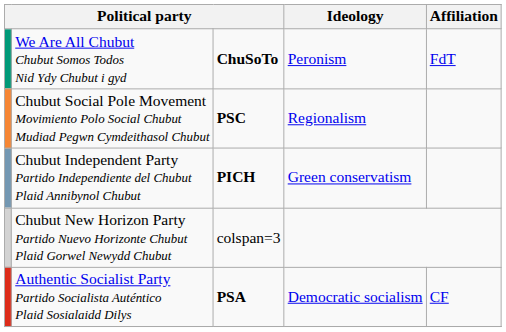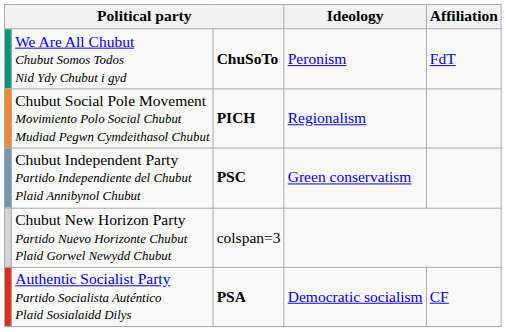 <table class="wikitable">
 <tr>
 <th colspan=3>Political party</th>
 <th>Ideology</th>
 <th>Affiliation</th>
 </tr>
 <tr>
 <th style="background:#009978;"></th>
 <td><a href='#'>We Are All Chubut</a><br><small><em>Chubut Somos Todos</em></small><br><small><em>Nid Ydy Chubut i gyd</em></small></td>
 <td><strong>ChuSoTo</strong></td>
 <td><a href='#'>Peronism</a></td>
 <td><a href='#'>FdT</a></td>
 </tr>
 <tr>
 <th style="background:#f68634;"></th>
 <td>Chubut Social Pole Movement<br><small><em>Movimiento Polo Social Chubut</em></small><br><small><em>Mudiad Pegwn Cymdeithasol Chubut</em></small></td>
-<td><strong>PSC</strong></td>
+<td><strong>PICH</strong></td>
 <td><a href='#'>Regionalism</a></td>
 <td></td>
 </tr>
 <tr>
 <th style="background:#7397b2;"></th>
 <td>Chubut Independent Party<br><small><em>Partido Independiente del Chubut</em></small><br><small><em>Plaid Annibynol Chubut</em></small></td>
-<td><strong>PICH</strong></td>
+<td><strong>PSC</strong></td>
 <td><a href='#'>Green conservatism</a></td>
 <td></td>
 </tr>
 <tr>
 <th style="background:#D3D3D3;"></th>
 <td>Chubut New Horizon Party<br><small><em>Partido Nuevo Horizonte Chubut</em></small><br><small><em>Plaid Gorwel Newydd Chubut</em></small></td>
 <td>colspan=3 </td>
 </tr>
 <tr>
 <th style="background:#DD2C1A;"></th>
 <td><a href='#'>Authentic Socialist Party</a><br><small><em>Partido Socialista Auténtico</em></small><br><small><em>Plaid Sosialaidd Dilys</em></small></td>
 <td><strong>PSA</strong></td>
 <td><a href='#'>Democratic socialism</a></td>
 <td><a href='#'>CF</a></td>
 </tr>
 <tr>
 </tr>
 </table>
